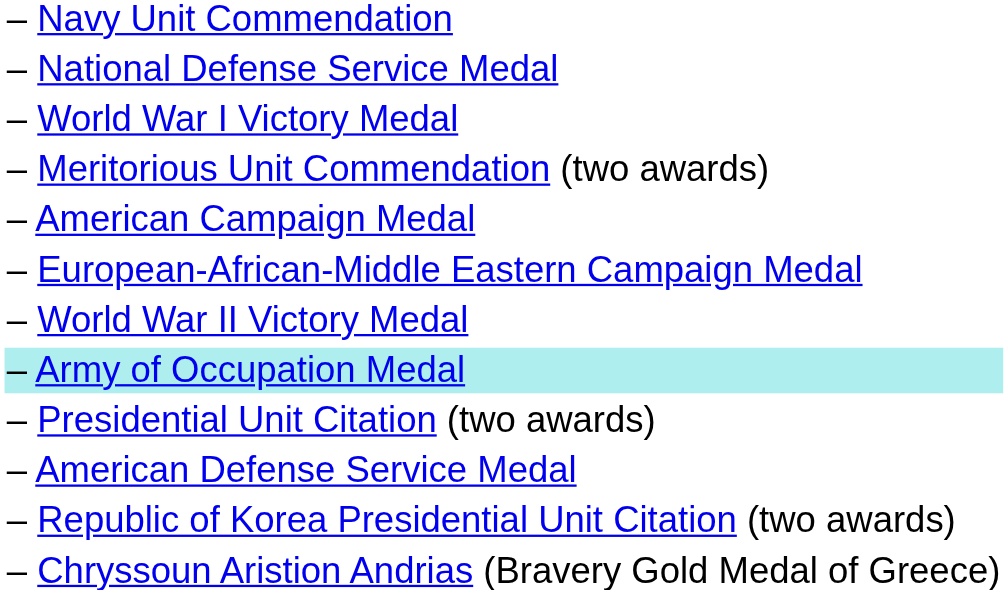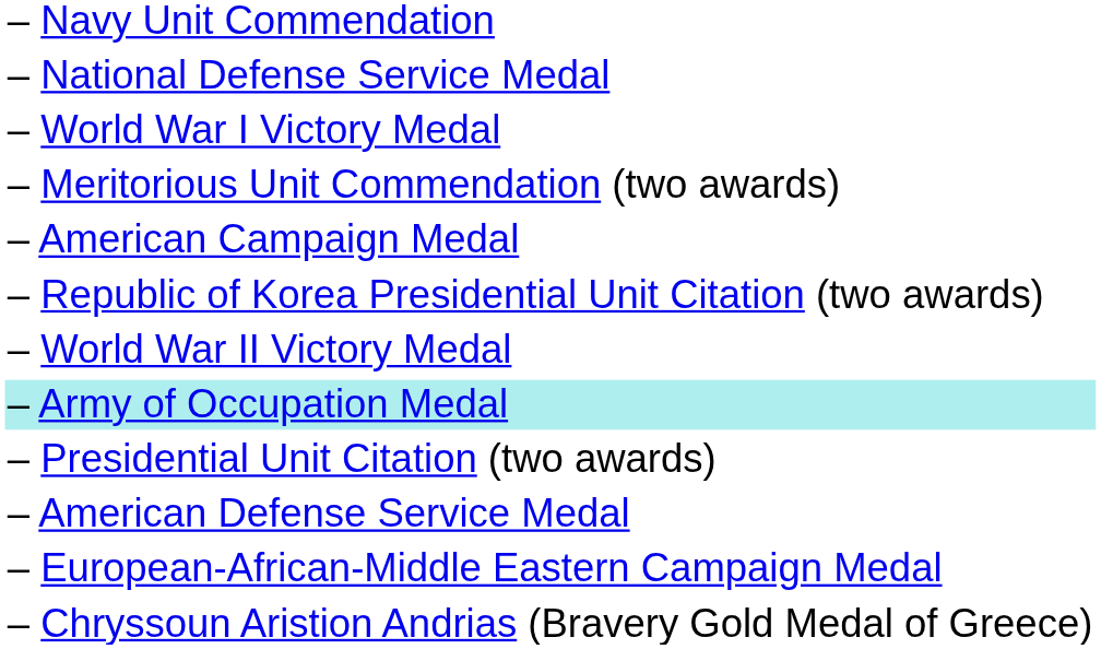 <table>
 <tr>
 <td> – <a href='#'>Navy Unit Commendation</a></td>
 </tr>
 <tr>
 <td> – <a href='#'>National Defense Service Medal</a></td>
 </tr>
 <tr>
 <td> – <a href='#'>World War I Victory Medal</a></td>
 </tr>
 <tr>
 <td> – <a href='#'>Meritorious Unit Commendation</a> (two awards)</td>
 </tr>
 <tr>
 <td> – <a href='#'>American Campaign Medal</a></td>
 </tr>
 <tr>
-<td> – <a href='#'>European-African-Middle Eastern Campaign Medal</a></td>
+<td> – <a href='#'>Republic of Korea Presidential Unit Citation</a> (two awards)</td>
 </tr>
 <tr>
 <td> – <a href='#'>World War II Victory Medal</a></td>
 </tr>
 <tr>
 <td style="background: paleturquoise;"> – <a href='#'>Army of Occupation Medal</a></td>
 </tr>
 <tr>
 <td> – <a href='#'>Presidential Unit Citation</a> (two awards)</td>
 </tr>
 <tr>
 <td> – <a href='#'>American Defense Service Medal</a></td>
 </tr>
 <tr>
-<td> – <a href='#'>Republic of Korea Presidential Unit Citation</a> (two awards)</td>
+<td> – <a href='#'>European-African-Middle Eastern Campaign Medal</a></td>
 </tr>
 <tr>
 <td> – <a href='#'>Chryssoun Aristion Andrias</a> (Bravery Gold Medal of Greece)</td>
 </tr>
 </table>
